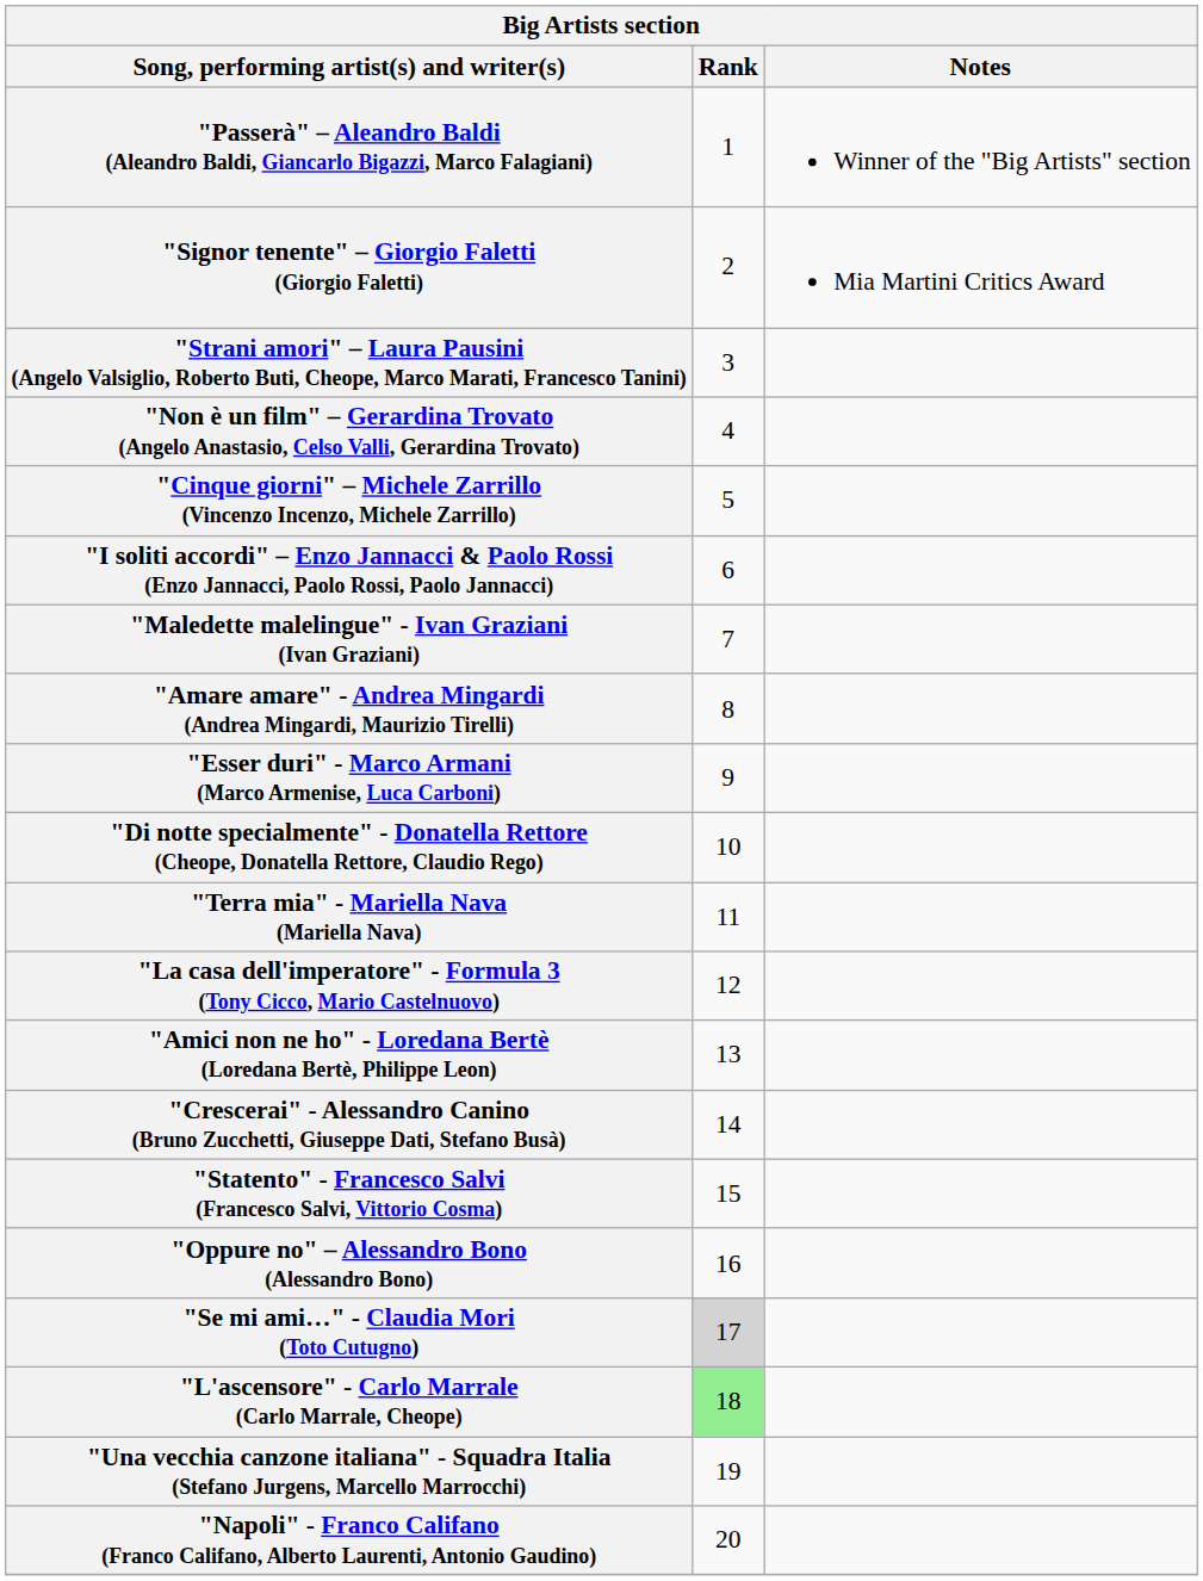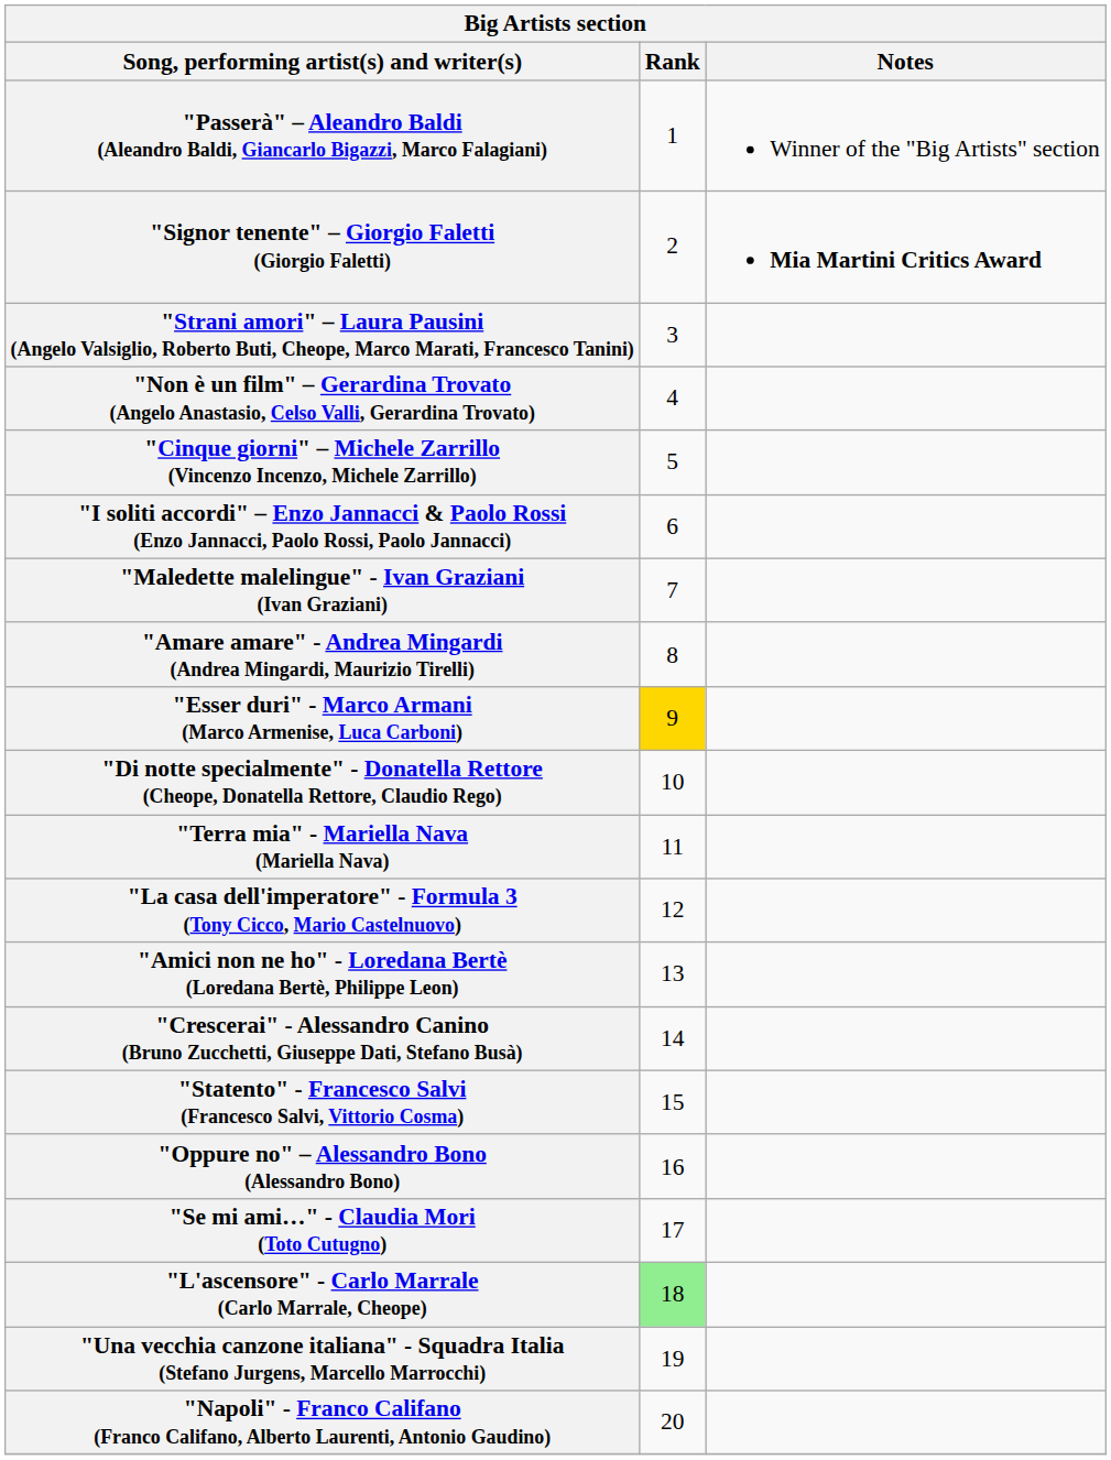 <table class="plainrowheaders wikitable">
 <tr>
 <th colspan="3">Big Artists section </th>
 </tr>
 <tr>
 <th>Song, performing artist(s) and writer(s)</th>
 <th>Rank</th>
 <th>Notes</th>
 </tr>
 <tr>
 <th scope="row">"Passerà" –  <a href='#'>Aleandro Baldi</a>  <br><small>(Aleandro Baldi, <a href='#'>Giancarlo Bigazzi</a>, Marco Falagiani)</small></th>
 <td style="text-align:center;">1</td>
 <td><br><ul><li>Winner of the "Big Artists" section</li></ul></td>
 </tr>
 <tr>
 <th scope="row">"Signor tenente" – <a href='#'>Giorgio Faletti</a> <br><small>(Giorgio Faletti)</small></th>
 <td style="text-align:center;">2</td>
-<td><br><ul><li>Mia Martini Critics Award</li></ul></td>
+<td><strong><br><ul><li>Mia Martini Critics Award</li></ul></strong></td>
 </tr>
 <tr>
 <th scope="row">"<a href='#'>Strani amori</a>" – <a href='#'>Laura Pausini</a>  <br><small>(Angelo Valsiglio, Roberto Buti, Cheope, Marco Marati, Francesco Tanini)</small></th>
 <td style="text-align:center;">3</td>
 <td></td>
 </tr>
 <tr>
 <th scope="row">"Non è un film" – <a href='#'>Gerardina Trovato</a><br><small>(Angelo Anastasio, <a href='#'>Celso Valli</a>, Gerardina Trovato)</small></th>
 <td style="text-align:center;">4</td>
 <td></td>
 </tr>
 <tr>
 <th scope="row">"<a href='#'>Cinque giorni</a>" –  <a href='#'>Michele Zarrillo</a> <br><small>(Vincenzo Incenzo, Michele Zarrillo)</small></th>
 <td style="text-align:center;">5</td>
 <td></td>
 </tr>
 <tr>
 <th scope="row">"I soliti accordi"  – <a href='#'>Enzo Jannacci</a> & <a href='#'>Paolo Rossi</a>  <br><small>(Enzo Jannacci, Paolo Rossi, Paolo Jannacci)</small></th>
 <td style="text-align:center;">6</td>
 <td></td>
 </tr>
 <tr>
 <th scope="row">"Maledette malelingue" -  <a href='#'>Ivan Graziani</a> <br><small>(Ivan Graziani)</small></th>
 <td style="text-align:center;">7</td>
 <td></td>
 </tr>
 <tr>
 <th scope="row">"Amare amare" -  <a href='#'>Andrea Mingardi</a> <br><small> (Andrea Mingardi, Maurizio Tirelli)</small></th>
 <td style="text-align:center;">8</td>
 <td></td>
 </tr>
 <tr>
 <th scope="row">"Esser duri" -  <a href='#'>Marco Armani</a>  <br><small>(Marco Armenise, <a href='#'>Luca Carboni</a>) </small></th>
-<td style="text-align:center;">9</td>
+<td style="background: gold; text-align:center;">9</td>
 <td></td>
 </tr>
 <tr>
 <th scope="row">"Di notte specialmente" - <a href='#'>Donatella Rettore</a>  <br><small>(Cheope, Donatella Rettore, Claudio Rego)</small></th>
 <td style="text-align:center;">10</td>
 <td></td>
 </tr>
 <tr>
 <th scope="row">"Terra mia" - <a href='#'>Mariella Nava</a> <br><small> (Mariella Nava)</small></th>
 <td style="text-align:center;">11</td>
 <td></td>
 </tr>
 <tr>
 <th scope="row">"La casa dell'imperatore" -  <a href='#'>Formula 3</a><br><small>(<a href='#'>Tony Cicco</a>, <a href='#'>Mario Castelnuovo</a>)</small></th>
 <td style="text-align:center;">12</td>
 <td></td>
 </tr>
 <tr>
 <th scope="row">"Amici non ne ho" - <a href='#'>Loredana Bertè</a>   <br><small>(Loredana Bertè, Philippe Leon)</small></th>
 <td style="text-align:center;">13</td>
 <td></td>
 </tr>
 <tr>
 <th scope="row">"Crescerai" - Alessandro Canino   <br><small>(Bruno Zucchetti, Giuseppe Dati, Stefano Busà)</small></th>
 <td style="text-align:center;">14</td>
 <td></td>
 </tr>
 <tr>
 <th scope="row">"Statento" - <a href='#'>Francesco Salvi</a>  <br><small>(Francesco Salvi, <a href='#'>Vittorio Cosma</a>)</small></th>
 <td style="text-align:center;">15</td>
 <td></td>
 </tr>
 <tr>
 <th scope="row">"Oppure no" – <a href='#'>Alessandro Bono</a> <br><small>(Alessandro Bono)</small></th>
 <td style="text-align:center;">16</td>
 <td></td>
 </tr>
 <tr>
 <th scope="row">"Se mi ami…" - <a href='#'>Claudia Mori</a><br><small>(<a href='#'>Toto Cutugno</a>)</small></th>
-<td style="background: lightgrey; text-align:center;">17</td>
+<td style="text-align:center;">17</td>
 <td></td>
 </tr>
 <tr>
 <th scope="row">"L'ascensore" - <a href='#'>Carlo Marrale</a>  <br><small>(Carlo Marrale, Cheope) </small></th>
 <td style="background: lightgreen; text-align:center;">18</td>
 <td></td>
 </tr>
 <tr>
 <th scope="row">"Una vecchia canzone italiana" - Squadra Italia <br><small>(Stefano Jurgens, Marcello Marrocchi)</small></th>
 <td style="text-align:center;">19</td>
 <td></td>
 </tr>
 <tr>
 <th scope="row">"Napoli" - <a href='#'>Franco Califano</a> <br><small>(Franco Califano, Alberto Laurenti, Antonio Gaudino)</small></th>
 <td style="text-align:center;">20</td>
 <td></td>
 </tr>
 <tr>
 </tr>
 </table>
